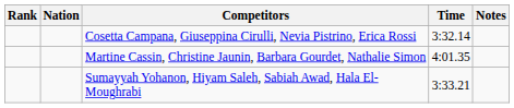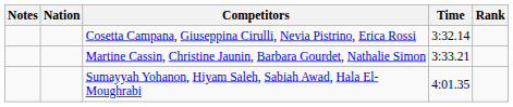 <table class="wikitable sortable" style="text-align:center; font-size:95%">
 <tr>
-<th>Rank</th>
+<th>Notes</th>
 <th>Nation</th>
 <th>Competitors</th>
 <th>Time</th>
-<th>Notes</th>
+<th>Rank</th>
 </tr>
 <tr>
 <td></td>
 <td align=left></td>
 <td align=left><a href='#'>Cosetta Campana</a>, <a href='#'>Giuseppina Cirulli</a>, <a href='#'>Nevia Pistrino</a>, <a href='#'>Erica Rossi</a></td>
 <td>3:32.14</td>
 <td></td>
 </tr>
 <tr>
 <td></td>
 <td align=left></td>
 <td align=left><a href='#'>Martine Cassin</a>, <a href='#'>Christine Jaunin</a>, <a href='#'>Barbara Gourdet</a>, <a href='#'>Nathalie Simon</a></td>
-<td>4:01.35</td>
+<td>3:33.21</td>
 <td></td>
 </tr>
 <tr>
 <td></td>
 <td align=left></td>
 <td align=left><a href='#'>Sumayyah Yohanon</a>, <a href='#'>Hiyam Saleh</a>, <a href='#'>Sabiah Awad</a>, <a href='#'>Hala El-Moughrabi</a></td>
-<td>3:33.21</td>
+<td>4:01.35</td>
 <td></td>
 </tr>
 </table>
